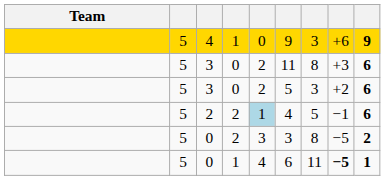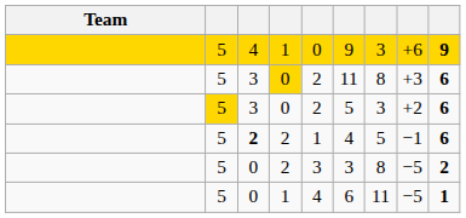 <table class="wikitable" style="text-align:center">
 <tr>
 <th width=165>Team</th>
 <th width=20></th>
 <th width=20></th>
 <th width=20></th>
 <th width=20></th>
 <th width=20></th>
 <th width=20></th>
 <th width=20></th>
 <th width=20></th>
 </tr>
 <tr align=center bgcolor=gold>
 <td align=left></td>
 <td>5</td>
 <td>4</td>
 <td>1</td>
 <td>0</td>
 <td>9</td>
 <td>3</td>
 <td>+6</td>
 <td><strong>9</strong></td>
 </tr>
 <tr align=center>
 <td align=left></td>
 <td>5</td>
 <td>3</td>
-<td>0</td>
+<td style="background: gold;">0</td>
 <td>2</td>
 <td>11</td>
 <td>8</td>
 <td>+3</td>
 <td><strong>6</strong></td>
 </tr>
 <tr align=center>
 <td align=left></td>
-<td>5</td>
+<td style="background: gold;">5</td>
 <td>3</td>
 <td>0</td>
 <td>2</td>
 <td>5</td>
 <td>3</td>
 <td>+2</td>
 <td><strong>6</strong></td>
 </tr>
 <tr align=center>
 <td align=left></td>
 <td>5</td>
+<td><strong>2</strong></td>
 <td>2</td>
-<td>2</td>
-<td style="background: lightblue;">1</td>
+<td>1</td>
 <td>4</td>
 <td>5</td>
 <td>−1</td>
 <td><strong>6</strong></td>
 </tr>
 <tr align=center>
 <td align=left></td>
 <td>5</td>
 <td>0</td>
 <td>2</td>
 <td>3</td>
 <td>3</td>
 <td>8</td>
 <td>−5</td>
 <td><strong>2</strong></td>
 </tr>
 <tr align=center>
 <td align=left></td>
 <td>5</td>
 <td>0</td>
 <td>1</td>
 <td>4</td>
 <td>6</td>
 <td>11</td>
-<td><strong>−5</strong></td>
+<td>−5</td>
 <td><strong>1</strong></td>
 </tr>
 </table>
